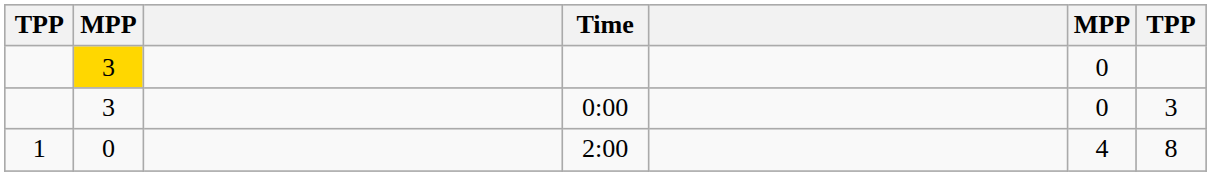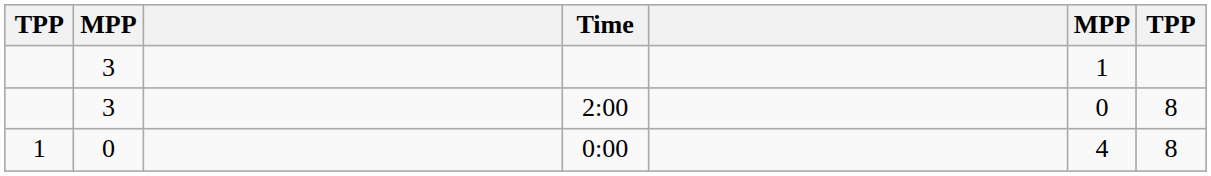 <table class="wikitable" style="text-align: center;" |>
 <tr>
 <th width="35">TPP</th>
 <th width="35">MPP</th>
 <th width="250"></th>
 <th width="45">Time</th>
 <th width="250"></th>
 <th width="35">MPP</th>
 <th width="35">TPP</th>
 </tr>
 <tr>
 <td></td>
-<td style="background: gold;">3</td>
+<td>3</td>
 <td style="text-align:left;"></td>
 <td></td>
 <td style="text-align:left;"><strong></strong></td>
-<td>0</td>
+<td>1</td>
 <td></td>
 </tr>
 <tr>
 <td></td>
 <td>3</td>
 <td style="text-align:left;"></td>
-<td>0:00</td>
+<td>2:00</td>
 <td style="text-align:left;"><strong></strong></td>
 <td>0</td>
-<td>3</td>
+<td>8</td>
 </tr>
 <tr>
 <td>1</td>
 <td>0</td>
 <td style="text-align:left;"><strong></strong></td>
-<td>2:00</td>
+<td>0:00</td>
 <td style="text-align:left;"></td>
 <td>4</td>
 <td>8</td>
 </tr>
 </table>
